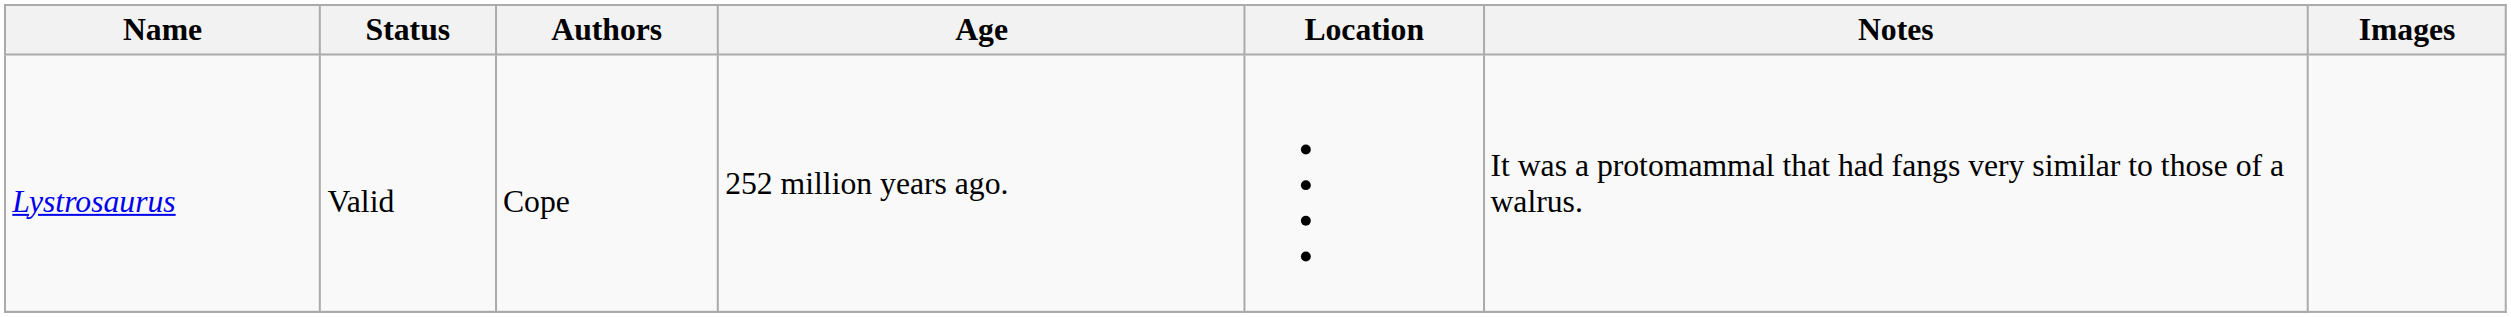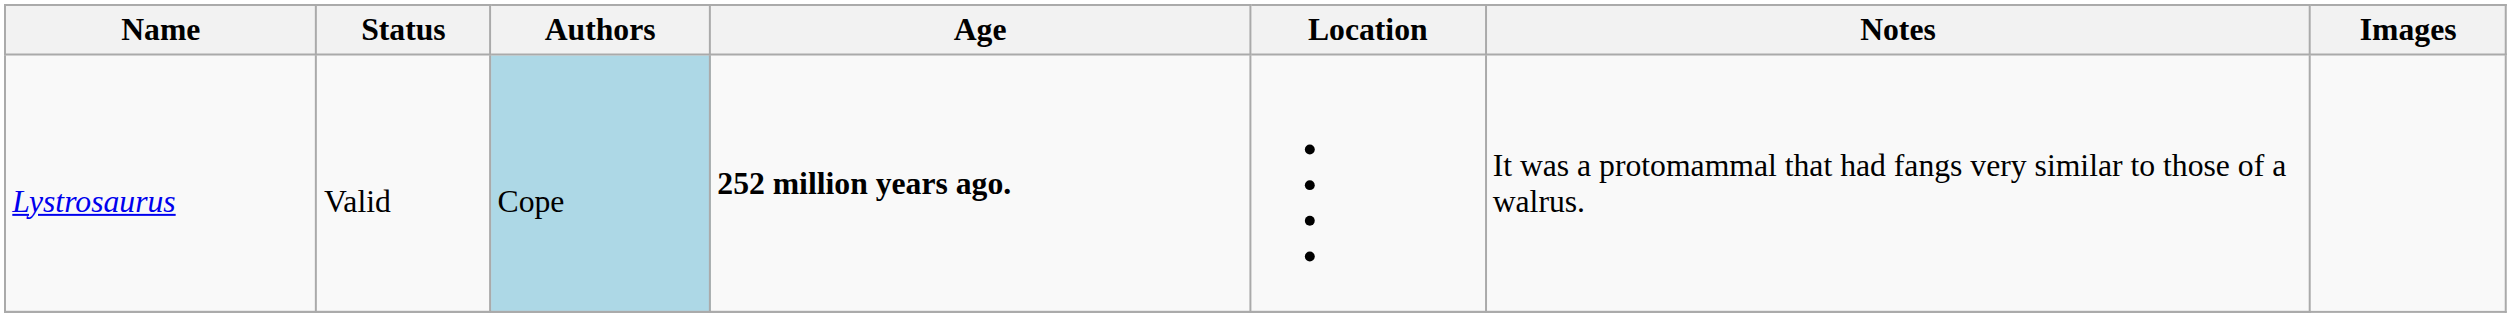 <table class="wikitable sortable" align="center" width="100%">
 <tr>
 <th>Name</th>
 <th>Status</th>
 <th>Authors</th>
 <th>Age</th>
 <th>Location</th>
 <th width="33%" class="unsortable">Notes</th>
 <th class="unsortable">Images</th>
 </tr>
 <tr>
 <td><br><em><a href='#'>Lystrosaurus</a></em></td>
 <td><br>Valid</td>
-<td><br>Cope</td>
-<td>252 million years ago.</td>
+<td style="background: lightblue;"><br>Cope</td>
+<td><strong>252 million years ago.</strong></td>
 <td><br><ul><li></li><li></li><li></li><li></li></ul></td>
 <td>It was a protomammal that had fangs very similar to those of a walrus.<br></td>
 <td rowspan="99"><br></td>
 </tr>
 <tr>
 </tr>
 </table>
